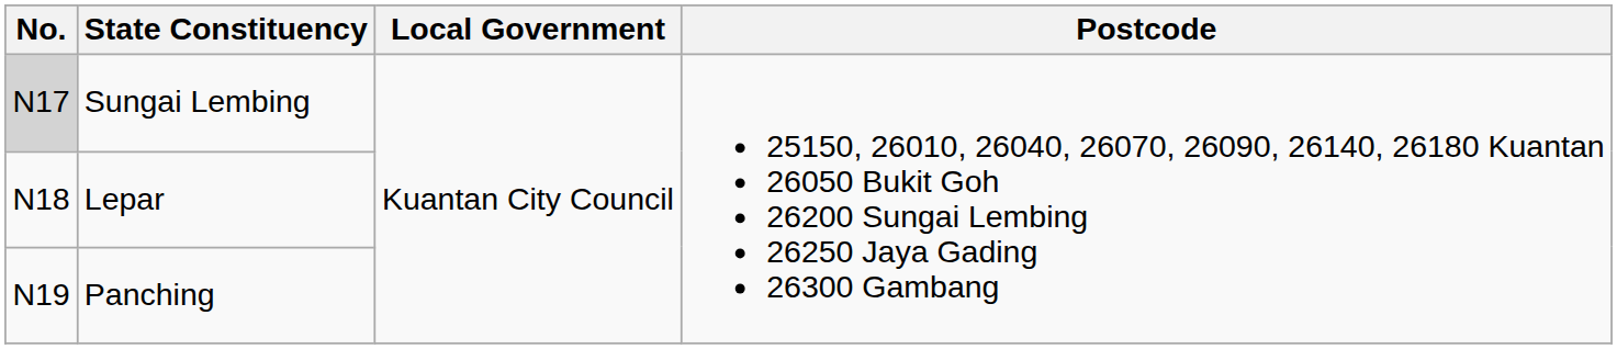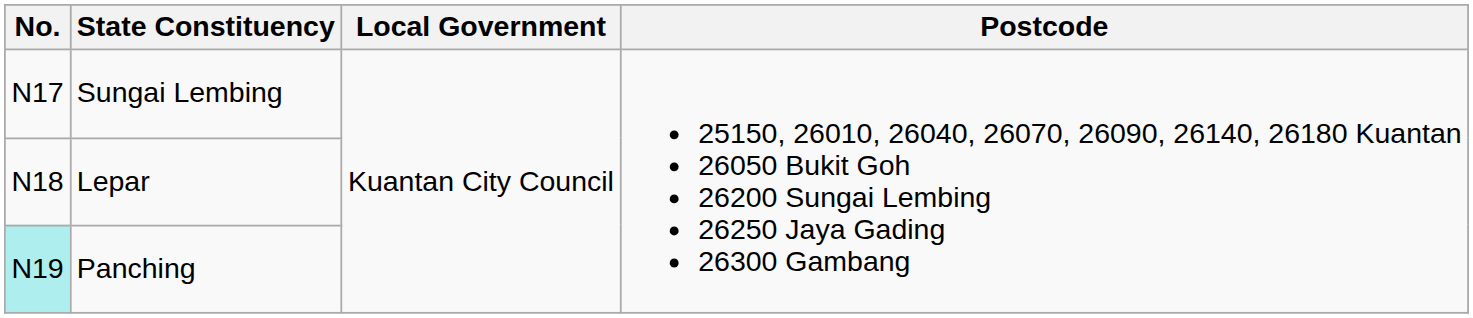 <table class="wikitable">
 <tr>
 <th>No.</th>
 <th>State Constituency</th>
 <th>Local Government</th>
 <th>Postcode</th>
 </tr>
 <tr>
-<td style="background: lightgrey;">N17</td>
+<td>N17</td>
 <td>Sungai Lembing</td>
 <td rowspan="3">Kuantan City Council</td>
 <td rowspan="3"><br><ul><li>25150, 26010, 26040, 26070, 26090, 26140,  26180 Kuantan</li><li>26050 Bukit Goh</li><li>26200 Sungai Lembing</li><li>26250 Jaya Gading</li><li>26300 Gambang</li></ul></td>
 </tr>
 <tr>
 <td>N18</td>
 <td>Lepar</td>
 </tr>
 <tr>
-<td>N19</td>
+<td style="background: paleturquoise;">N19</td>
 <td>Panching</td>
 </tr>
 </table>
